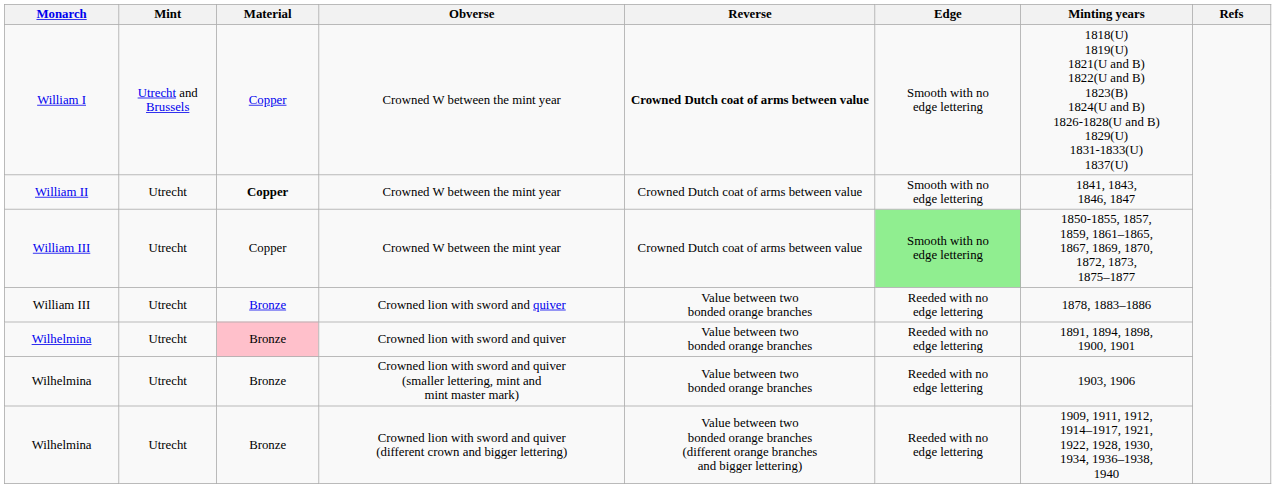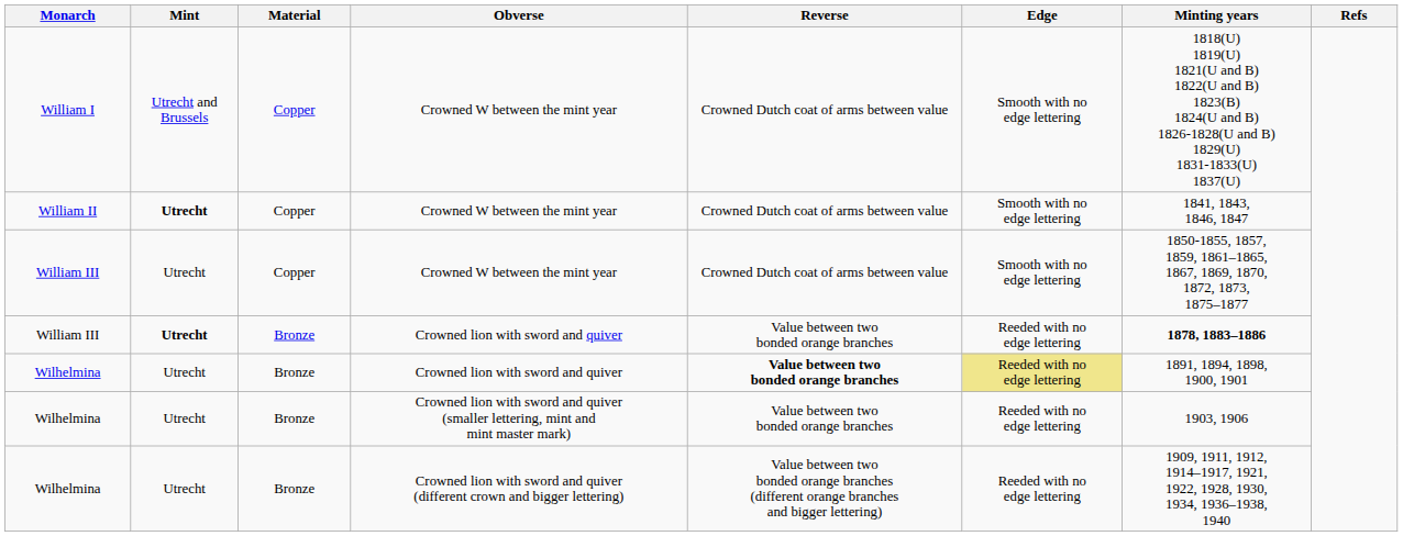 <table class="wikitable" style="width:100%; text-align: center">
 <tr>
 <th width=    1%><a href='#'>Monarch</a></th>
 <th width=    1%>Mint</th>
 <th width=    1%>Material</th>
 <th width=    5%>Obverse</th>
 <th width=    4%>Reverse</th>
 <th width=    2%>Edge</th>
 <th width=  2.5%>Minting years</th>
 <th width=    1%>Refs</th>
 </tr>
 <tr>
 <td><a href='#'>William I</a></td>
 <td><a href='#'>Utrecht</a> and<br> <a href='#'>Brussels</a></td>
 <td><a href='#'>Copper</a></td>
 <td>Crowned W between the mint year</td>
-<td><strong>Crowned Dutch coat of arms between value</strong></td>
+<td>Crowned Dutch coat of arms between value</td>
 <td>Smooth with no<br> edge lettering</td>
 <td>1818(U)<br> 1819(U)<br> 1821(U and B)<br> 1822(U and B)<br> 1823(B)<br> 1824(U and B)<br> 1826-1828(U and B)<br>  1829(U)<br> 1831-1833(U)<br> 1837(U)</td>
 <td rowspan="7"></td>
 </tr>
 <tr>
 <td><a href='#'>William II</a></td>
-<td>Utrecht</td>
-<td><strong>Copper</strong></td>
+<td><strong>Utrecht</strong></td>
+<td>Copper</td>
 <td>Crowned W between the mint year</td>
 <td>Crowned Dutch coat of arms between value</td>
 <td>Smooth with no<br> edge lettering</td>
 <td>1841, 1843,<br> 1846, 1847</td>
 </tr>
 <tr>
 <td><a href='#'>William III</a></td>
 <td>Utrecht</td>
 <td>Copper</td>
 <td>Crowned W between the mint year</td>
 <td>Crowned Dutch coat of arms between value</td>
-<td style="background: lightgreen;">Smooth with no<br> edge lettering</td>
+<td>Smooth with no<br> edge lettering</td>
 <td>1850-1855, 1857,<br> 1859, 1861–1865,<br> 1867, 1869, 1870,<br> 1872, 1873,<br> 1875–1877</td>
 </tr>
 <tr>
 <td>William III</td>
-<td>Utrecht</td>
+<td><strong>Utrecht</strong></td>
 <td><a href='#'>Bronze</a></td>
 <td>Crowned lion with sword and <a href='#'>quiver</a></td>
 <td>Value between two<br> bonded orange branches</td>
 <td>Reeded with no<br> edge lettering</td>
-<td>1878, 1883–1886</td>
+<td><strong>1878, 1883–1886</strong></td>
 </tr>
 <tr>
 <td><a href='#'>Wilhelmina</a></td>
 <td>Utrecht</td>
-<td style="background: pink;">Bronze</td>
+<td>Bronze</td>
 <td>Crowned lion with sword and quiver</td>
-<td>Value between two<br> bonded orange branches</td>
-<td>Reeded with no<br> edge lettering</td>
+<td><strong>Value between two<br> bonded orange branches</strong></td>
+<td style="background: khaki;">Reeded with no<br> edge lettering</td>
 <td>1891, 1894, 1898,<br> 1900, 1901</td>
 </tr>
 <tr>
 <td>Wilhelmina</td>
 <td>Utrecht</td>
 <td>Bronze</td>
 <td>Crowned lion with sword and quiver<br> (smaller lettering, mint and<br> mint master mark)</td>
 <td>Value between two<br> bonded orange branches</td>
 <td>Reeded with no<br> edge lettering</td>
 <td>1903, 1906</td>
 </tr>
 <tr>
 <td>Wilhelmina</td>
 <td>Utrecht</td>
 <td>Bronze</td>
 <td>Crowned lion with sword and quiver<br> (different crown and bigger lettering)</td>
 <td>Value between two<br> bonded orange branches<br> (different orange branches<br> and bigger lettering)</td>
 <td>Reeded with no<br> edge lettering</td>
 <td>1909, 1911, 1912,<br> 1914–1917, 1921,<br> 1922, 1928, 1930,<br> 1934, 1936–1938,<br> 1940</td>
 </tr>
 </table>
